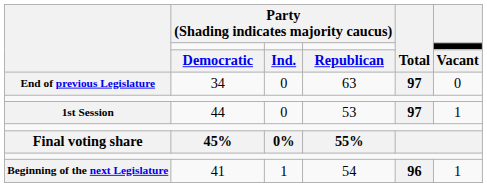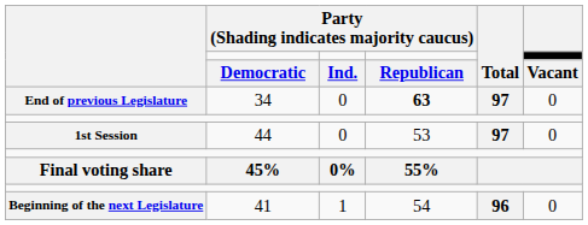 <table class=wikitable style="text-align:center">
 <tr style="vertical-align:bottom;">
 <th rowspan=3></th>
 <th colspan=3>Party <div>(Shading indicates majority caucus)</div></th>
 <th rowspan=3>Total</th>
 <th></th>
 </tr>
 <tr style="height:5px">
 <td style="background-color:"></td>
 <td style="background-color:"></td>
 <td style="background-color:"></td>
 <td style="background:black;"></td>
 </tr>
 <tr>
 <th><a href='#'>Democratic</a></th>
 <th><a href='#'>Ind.</a></th>
 <th><a href='#'>Republican</a></th>
 <th>Vacant</th>
 </tr>
 <tr>
 <th style="font-size:80%;">End of <a href='#'>previous Legislature</a></th>
 <td>34</td>
 <td>0</td>
-<td>63</td>
+<td><strong>63</strong></td>
 <th>97</th>
 <td>0</td>
 </tr>
 <tr>
 <td colspan=6></td>
 </tr>
 <tr>
 <th style="font-size:80%;">1st Session</th>
 <td>44</td>
 <td>0</td>
 <td>53</td>
 <th>97</th>
-<td>1</td>
+<td>0</td>
 </tr>
 <tr>
 <td colspan=6></td>
 </tr>
 <tr>
 <th>Final voting share</th>
 <th>45%</th>
 <th>0%</th>
 <th>55%</th>
 <th colspan=2></th>
 </tr>
 <tr>
 <td colspan=6></td>
 </tr>
 <tr>
 <th style="font-size:80%;">Beginning of the <a href='#'>next Legislature</a></th>
 <td>41</td>
 <td>1</td>
 <td>54</td>
 <th>96</th>
-<td>1</td>
+<td>0</td>
 </tr>
 </table>
